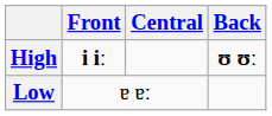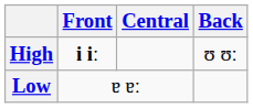 <table class="wikitable IPA" style="text-align:center">
 <tr>
 <th></th>
 <th><a href='#'>Front</a></th>
 <th><a href='#'>Central</a></th>
 <th><a href='#'>Back</a></th>
 </tr>
 <tr align="center">
 <th><a href='#'>High</a></th>
 <td><strong>i iː</strong></td>
 <td></td>
-<td><strong>ʊ ʊː</strong></td>
+<td>ʊ ʊː</td>
 </tr>
 <tr align="center">
 <th><a href='#'>Low</a></th>
 <td colspan="2">ɐ ɐː</td>
 <td></td>
 </tr>
 </table>
